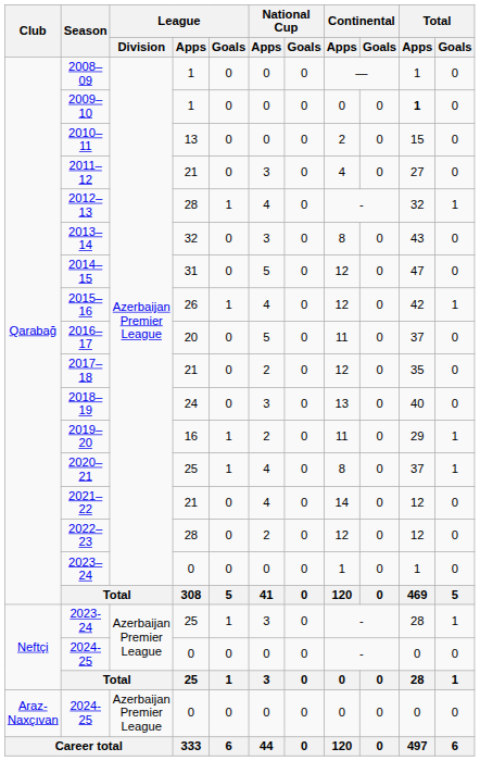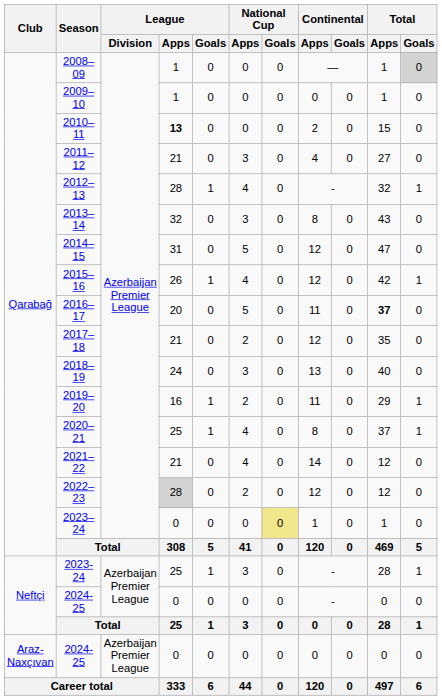 <table class="wikitable" style="text-align:center">
 <tr>
 <th rowspan="2">Club</th>
 <th rowspan="2">Season</th>
 <th colspan="3">League</th>
 <th colspan="2">National Cup</th>
 <th colspan="2">Continental</th>
 <th colspan="2">Total</th>
 </tr>
 <tr>
 <th>Division</th>
 <th>Apps</th>
 <th>Goals</th>
 <th>Apps</th>
 <th>Goals</th>
 <th>Apps</th>
 <th>Goals</th>
 <th>Apps</th>
 <th>Goals</th>
 </tr>
 <tr>
 <td rowspan="17"><a href='#'>Qarabağ</a></td>
 <td><a href='#'>2008–09</a></td>
 <td rowspan="16"><a href='#'>Azerbaijan Premier League</a></td>
 <td>1</td>
 <td>0</td>
 <td>0</td>
 <td>0</td>
 <td colspan="2">—</td>
 <td>1</td>
-<td>0</td>
+<td style="background: lightgrey;">0</td>
 </tr>
 <tr>
 <td><a href='#'>2009–10</a></td>
 <td>1</td>
 <td>0</td>
 <td>0</td>
 <td>0</td>
 <td>0</td>
 <td>0</td>
-<td><strong>1</strong></td>
+<td>1</td>
 <td>0</td>
 </tr>
 <tr>
 <td><a href='#'>2010–11</a></td>
-<td>13</td>
+<td><strong>13</strong></td>
 <td>0</td>
 <td>0</td>
 <td>0</td>
 <td>2</td>
 <td>0</td>
 <td>15</td>
 <td>0</td>
 </tr>
 <tr>
 <td><a href='#'>2011–12</a></td>
 <td>21</td>
 <td>0</td>
 <td>3</td>
 <td>0</td>
 <td>4</td>
 <td>0</td>
 <td>27</td>
 <td>0</td>
 </tr>
 <tr>
 <td><a href='#'>2012–13</a></td>
 <td>28</td>
 <td>1</td>
 <td>4</td>
 <td>0</td>
 <td colspan="2">-</td>
 <td>32</td>
 <td>1</td>
 </tr>
 <tr>
 <td><a href='#'>2013–14</a></td>
 <td>32</td>
 <td>0</td>
 <td>3</td>
 <td>0</td>
 <td>8</td>
 <td>0</td>
 <td>43</td>
 <td>0</td>
 </tr>
 <tr>
 <td><a href='#'>2014–15</a></td>
 <td>31</td>
 <td>0</td>
 <td>5</td>
 <td>0</td>
 <td>12</td>
 <td>0</td>
 <td>47</td>
 <td>0</td>
 </tr>
 <tr>
 <td><a href='#'>2015–16</a></td>
 <td>26</td>
 <td>1</td>
 <td>4</td>
 <td>0</td>
 <td>12</td>
 <td>0</td>
 <td>42</td>
 <td>1</td>
 </tr>
 <tr>
 <td><a href='#'>2016–17</a></td>
 <td>20</td>
 <td>0</td>
 <td>5</td>
 <td>0</td>
 <td>11</td>
 <td>0</td>
-<td>37</td>
+<td><strong>37</strong></td>
 <td>0</td>
 </tr>
 <tr>
 <td><a href='#'>2017–18</a></td>
 <td>21</td>
 <td>0</td>
 <td>2</td>
 <td>0</td>
 <td>12</td>
 <td>0</td>
 <td>35</td>
 <td>0</td>
 </tr>
 <tr>
 <td><a href='#'>2018–19</a></td>
 <td>24</td>
 <td>0</td>
 <td>3</td>
 <td>0</td>
 <td>13</td>
 <td>0</td>
 <td>40</td>
 <td>0</td>
 </tr>
 <tr>
 <td><a href='#'>2019–20</a></td>
 <td>16</td>
 <td>1</td>
 <td>2</td>
 <td>0</td>
 <td>11</td>
 <td>0</td>
 <td>29</td>
 <td>1</td>
 </tr>
 <tr>
 <td><a href='#'>2020–21</a></td>
 <td>25</td>
 <td>1</td>
 <td>4</td>
 <td>0</td>
 <td>8</td>
 <td>0</td>
 <td>37</td>
 <td>1</td>
 </tr>
 <tr>
 <td><a href='#'>2021–22</a></td>
 <td>21</td>
 <td>0</td>
 <td>4</td>
 <td>0</td>
 <td>14</td>
 <td>0</td>
 <td>12</td>
 <td>0</td>
 </tr>
 <tr>
 <td><a href='#'>2022–23</a></td>
-<td>28</td>
+<td style="background: lightgrey;">28</td>
 <td>0</td>
 <td>2</td>
 <td>0</td>
 <td>12</td>
 <td>0</td>
 <td>12</td>
 <td>0</td>
 </tr>
 <tr>
 <td><a href='#'>2023–24</a></td>
 <td>0</td>
 <td>0</td>
 <td>0</td>
-<td>0</td>
+<td style="background: khaki;">0</td>
 <td>1</td>
 <td>0</td>
 <td>1</td>
 <td>0</td>
 </tr>
 <tr>
 <th colspan="2">Total</th>
 <th>308</th>
 <th>5</th>
 <th>41</th>
 <th>0</th>
 <th>120</th>
 <th>0</th>
 <th>469</th>
 <th>5</th>
 </tr>
 <tr>
 <td rowspan="3"><a href='#'>Neftçi</a></td>
 <td><a href='#'>2023-24</a></td>
 <td rowspan="2">Azerbaijan Premier League</td>
 <td>25</td>
 <td>1</td>
 <td>3</td>
 <td>0</td>
 <td colspan="2">-</td>
 <td>28</td>
 <td>1</td>
 </tr>
 <tr>
 <td><a href='#'>2024-25</a></td>
 <td>0</td>
 <td>0</td>
 <td>0</td>
 <td>0</td>
 <td colspan="2">-</td>
 <td>0</td>
 <td>0</td>
 </tr>
 <tr>
 <th colspan="2">Total</th>
 <th>25</th>
 <th>1</th>
 <th>3</th>
 <th>0</th>
 <th>0</th>
 <th>0</th>
 <th>28</th>
 <th>1</th>
 </tr>
 <tr>
 <td><a href='#'>Araz-Naxçıvan</a></td>
 <td><a href='#'>2024-25</a></td>
 <td>Azerbaijan Premier League</td>
 <td>0</td>
 <td>0</td>
 <td>0</td>
 <td>0</td>
 <td>0</td>
 <td>0</td>
 <td>0</td>
 <td>0</td>
 </tr>
 <tr>
 <th colspan="3">Career total</th>
 <th>333</th>
 <th>6</th>
 <th>44</th>
 <th>0</th>
 <th>120</th>
 <th>0</th>
 <th>497</th>
 <th>6</th>
 </tr>
 </table>
